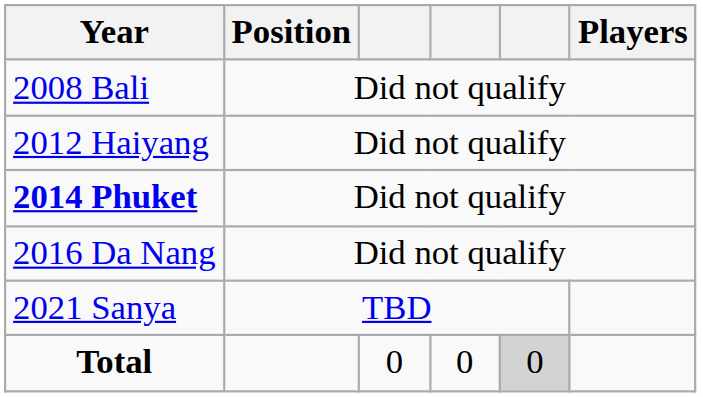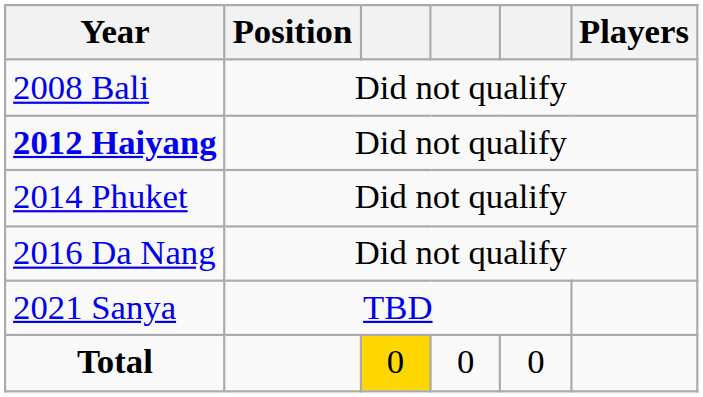 <table class="wikitable" style="text-align: center;">
 <tr>
 <th>Year</th>
 <th>Position</th>
 <th width=25px></th>
 <th width=25px></th>
 <th width=25px></th>
 <th>Players</th>
 </tr>
 <tr>
 <td style="text-align: left;"> <a href='#'>2008 Bali</a></td>
 <td colspan=5>Did not qualify</td>
 </tr>
 <tr>
-<td style="text-align: left;"> <a href='#'>2012 Haiyang</a></td>
+<td style="text-align: left;"><strong> <a href='#'>2012 Haiyang</a></strong></td>
 <td colspan=5>Did not qualify</td>
 </tr>
 <tr>
-<td style="text-align: left;"><strong> <a href='#'>2014 Phuket</a></strong></td>
+<td style="text-align: left;"> <a href='#'>2014 Phuket</a></td>
 <td colspan=5>Did not qualify</td>
 </tr>
 <tr>
 <td style="text-align: left;"> <a href='#'>2016 Da Nang</a></td>
 <td colspan=5>Did not qualify</td>
 </tr>
 <tr>
 <td style="text-align: left;"> <a href='#'>2021 Sanya</a></td>
 <td colspan=4><a href='#'>TBD</a></td>
 <td></td>
 </tr>
 <tr>
 <td><strong>Total</strong></td>
 <td></td>
+<td style="background: gold;">0</td>
 <td>0</td>
 <td>0</td>
-<td style="background: lightgrey;">0</td>
 <td></td>
 </tr>
 </table>
